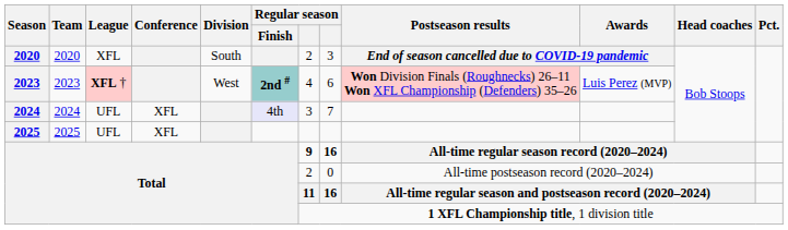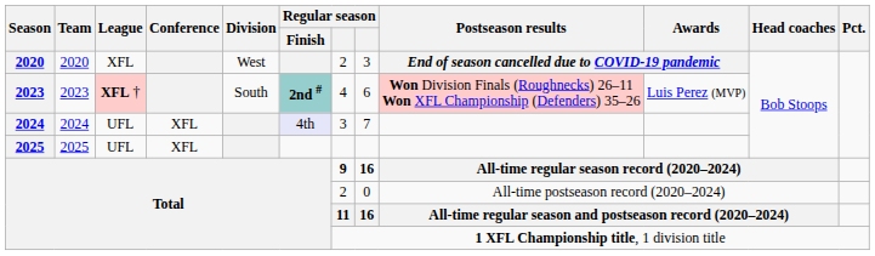 <table class="wikitable" style="text-align:center">
 <tr>
 <th rowspan="2">Season</th>
 <th rowspan="2">Team</th>
 <th rowspan="2">League</th>
 <th rowspan="2">Conference</th>
 <th rowspan="2">Division</th>
 <th colspan="3">Regular season</th>
 <th rowspan="2">Postseason results</th>
 <th rowspan="2">Awards</th>
 <th rowspan="2">Head coaches</th>
 <th rowspan="2">Pct.</th>
 </tr>
 <tr>
 <th>Finish</th>
 <th></th>
 <th></th>
 </tr>
 <tr>
 <th><a href='#'>2020</a></th>
 <td><a href='#'>2020</a></td>
 <td>XFL</td>
 <th></th>
-<td>South</td>
+<td>West</td>
 <th></th>
 <td>2</td>
 <td>3</td>
 <th colspan="2"><em>End of season cancelled due to <a href='#'>COVID-19 pandemic</a></em></th>
 <td rowspan="4"><a href='#'>Bob Stoops</a></td>
 <td rowspan="4"></td>
 </tr>
 <tr>
 <th><a href='#'>2023</a></th>
 <td><a href='#'>2023</a></td>
 <td bgcolor="#ffcccc"><strong>XFL</strong> †</td>
 <th></th>
-<td>West</td>
+<td>South</td>
 <td bgcolor="#96cdcd"><strong>2nd <sup>#</sup></strong></td>
 <td>4</td>
 <td>6</td>
 <td bgcolor="#ffcccc"><strong>Won</strong> Division Finals (<a href='#'>Roughnecks</a>) 26–11<br><strong>Won</strong> <a href='#'>XFL Championship</a> (<a href='#'>Defenders</a>) 35–26</td>
 <td><a href='#'>Luis Perez</a> <small>(MVP)</small></td>
 </tr>
 <tr>
 <th><a href='#'>2024</a></th>
 <td><a href='#'>2024</a></td>
 <td>UFL</td>
 <td>XFL</td>
 <th></th>
 <td style="background: lavender;">4th</td>
 <td>3</td>
 <td>7</td>
 <td></td>
 <td></td>
 </tr>
 <tr>
 <th><a href='#'>2025</a></th>
 <td><a href='#'>2025</a></td>
 <td>UFL</td>
 <td>XFL</td>
 <th></th>
 <td></td>
 <td></td>
 <td></td>
 <td></td>
 </tr>
 <tr>
 <th rowspan="4" colspan="6">Total</th>
 <td><strong>9</strong></td>
 <td><strong>16</strong></td>
 <th colspan="3">All-time regular season record (2020–2024)</th>
 <td></td>
 </tr>
 <tr>
 <td>2</td>
 <td>0</td>
 <td colspan="3">All-time postseason record (2020–2024)</td>
 <td></td>
 </tr>
 <tr>
 <th>11</th>
 <th>16</th>
 <th colspan="3">All-time regular season and postseason record (2020–2024)</th>
 <td></td>
 </tr>
 <tr>
 <td colspan="6"><strong>1 XFL Championship title</strong>, 1 division title</td>
 </tr>
 </table>
